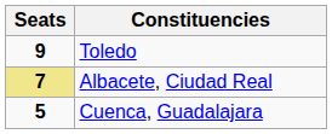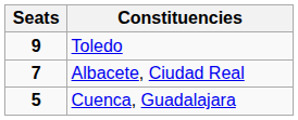 <table class="wikitable" style="text-align:left;">
 <tr>
 <th width="50">Seats</th>
 <th width="200">Constituencies</th>
 </tr>
 <tr>
 <td align="center"><strong>9</strong></td>
 <td><a href='#'>Toledo</a></td>
 </tr>
 <tr>
-<td align="center" style="background: khaki;"><strong>7</strong></td>
+<td align="center"><strong>7</strong></td>
 <td><a href='#'>Albacete</a>, <a href='#'>Ciudad Real</a></td>
 </tr>
 <tr>
 <td align="center"><strong>5</strong></td>
 <td><a href='#'>Cuenca</a>, <a href='#'>Guadalajara</a></td>
 </tr>
 </table>
